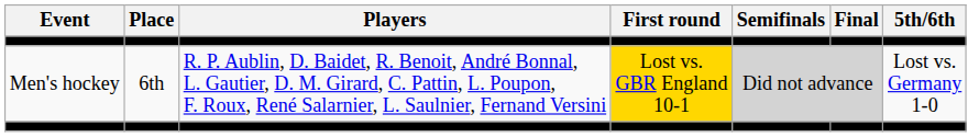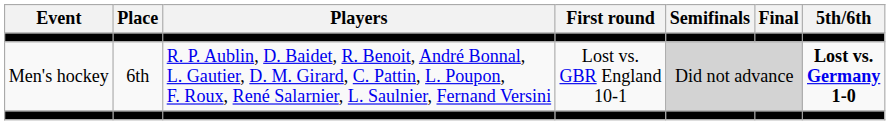 <table class=wikitable>
 <tr>
 <th>Event</th>
 <th>Place</th>
 <th>Players</th>
 <th>First round</th>
 <th>Semifinals</th>
 <th>Final</th>
 <th>5th/6th</th>
 </tr>
 <tr bgcolor=black>
 <td></td>
 <td></td>
 <td></td>
 <td></td>
 <td></td>
 <td></td>
 <td></td>
 </tr>
 <tr align=center>
 <td align=left>Men's hockey</td>
 <td>6th</td>
 <td align=left><a href='#'>R. P. Aublin</a>, <a href='#'>D. Baidet</a>, <a href='#'>R. Benoit</a>, <a href='#'>André Bonnal</a>, <br> <a href='#'>L. Gautier</a>, <a href='#'>D. M. Girard</a>, <a href='#'>C. Pattin</a>, <a href='#'>L. Poupon</a>, <br> <a href='#'>F. Roux</a>, <a href='#'>René Salarnier</a>, <a href='#'>L. Saulnier</a>, <a href='#'>Fernand Versini</a></td>
-<td style="background: gold;">Lost vs. <br> <a href='#'>GBR</a> England <br> 10-1</td>
+<td>Lost vs. <br> <a href='#'>GBR</a> England <br> 10-1</td>
 <td colspan=2 bgcolor=lightgray>Did not advance</td>
-<td>Lost vs. <br> <a href='#'>Germany</a> <br> 1-0</td>
+<td><strong>Lost vs. <br> <a href='#'>Germany</a> <br> 1-0</strong></td>
 </tr>
 <tr bgcolor=black>
 <td></td>
 <td></td>
 <td></td>
 <td></td>
 <td></td>
 <td></td>
 <td></td>
 </tr>
 </table>
